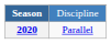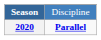 <table class="wikitable"  style="font-size:95%; text-align:center; border:gray solid 1px; width:12%;">
 <tr style="background:#369; color:white;">
 <td rowspan="2" style="width:5%;"><strong>Season</strong></td>
 </tr>
 <tr style="background:#4180be; color:white;">
 <td style="width:5%;">Discipline</td>
 </tr>
 <tr>
 <th><a href='#'>2020</a></th>
-<td><a href='#'>Parallel</a></td>
+<td><strong><a href='#'>Parallel</a></strong></td>
 </tr>
 </table>
